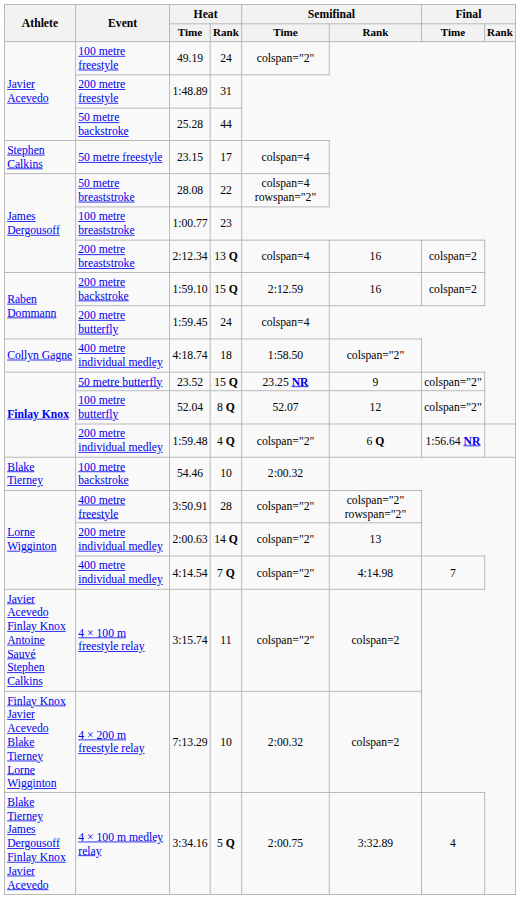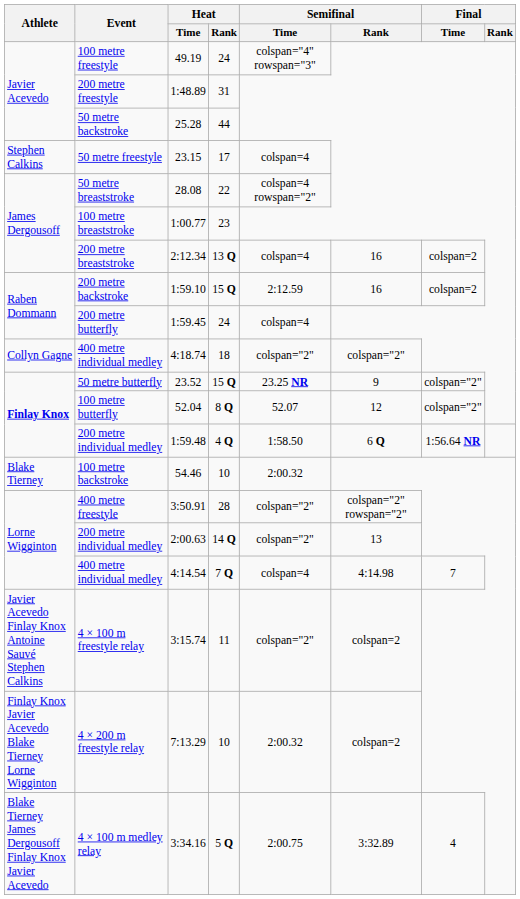 <table class="wikitable" style="text-align:center; font-size:90%; width:50%;">
 <tr>
 <th rowspan="2">Athlete</th>
 <th rowspan="2">Event</th>
 <th colspan="2">Heat</th>
 <th colspan="2">Semifinal</th>
 <th colspan="2">Final</th>
 </tr>
 <tr style="font-size:95%">
 <th>Time</th>
 <th>Rank</th>
 <th>Time</th>
 <th>Rank</th>
 <th>Time</th>
 <th>Rank</th>
 </tr>
 <tr align=center>
 <td align=left rowspan="3"><a href='#'>Javier Acevedo</a></td>
 <td align=left><a href='#'>100 metre freestyle</a></td>
 <td>49.19</td>
 <td>24</td>
-<td>colspan="2" </td>
+<td>colspan="4" rowspan="3"</td>
 </tr>
 <tr align=center>
 <td align=left><a href='#'>200 metre freestyle</a></td>
 <td>1:48.89</td>
 <td>31</td>
 </tr>
 <tr align=center>
 <td align=left><a href='#'>50 metre backstroke</a></td>
 <td>25.28</td>
 <td>44</td>
 </tr>
 <tr align=center>
 <td align=left><a href='#'>Stephen Calkins</a></td>
 <td align=left><a href='#'>50 metre freestyle</a></td>
 <td>23.15</td>
 <td>17</td>
 <td>colspan=4 </td>
 </tr>
 <tr>
 <td align=left rowspan="3"><a href='#'>James Dergousoff</a></td>
 <td align=left><a href='#'>50 metre breaststroke</a></td>
 <td>28.08</td>
 <td>22</td>
 <td>colspan=4 rowspan="2" </td>
 </tr>
 <tr>
 <td align=left><a href='#'>100 metre breaststroke</a></td>
 <td>1:00.77</td>
 <td>23</td>
 </tr>
 <tr>
 <td align=left><a href='#'>200 metre breaststroke</a></td>
 <td>2:12.34</td>
 <td>13 <strong>Q</strong></td>
 <td>colspan=4 </td>
 <td>16</td>
 <td>colspan=2 </td>
 </tr>
 <tr>
 <td align=left rowspan=2><a href='#'>Raben Dommann</a></td>
 <td align=left><a href='#'>200 metre backstroke</a></td>
 <td>1:59.10</td>
 <td>15 <strong>Q</strong></td>
 <td>2:12.59</td>
 <td>16</td>
 <td>colspan=2 </td>
 </tr>
 <tr>
 <td align=left><a href='#'>200 metre butterfly</a></td>
 <td>1:59.45</td>
 <td>24</td>
 <td>colspan=4 </td>
 </tr>
 <tr align=center>
 <td align=left><a href='#'>Collyn Gagne</a></td>
 <td align=left><a href='#'>400 metre individual medley</a></td>
 <td>4:18.74</td>
 <td>18</td>
-<td>1:58.50</td>
+<td>colspan="2" </td>
 <td>colspan="2" </td>
 </tr>
 <tr align=center>
 <td align=left rowspan=3><strong><a href='#'>Finlay Knox</a></strong></td>
 <td align=left><a href='#'>50 metre butterfly</a></td>
 <td>23.52</td>
 <td>15 <strong>Q</strong></td>
 <td>23.25 <strong><a href='#'>NR</a></strong></td>
 <td>9</td>
 <td>colspan="2" </td>
 </tr>
 <tr align=center>
 <td align=left><a href='#'>100 metre butterfly</a></td>
 <td>52.04</td>
 <td>8 <strong>Q</strong></td>
 <td>52.07</td>
 <td>12</td>
 <td>colspan="2" </td>
 </tr>
 <tr align=center>
 <td align=left><a href='#'>200 metre individual medley</a></td>
 <td>1:59.48</td>
 <td>4 <strong>Q</strong></td>
-<td>colspan="2" </td>
+<td>1:58.50</td>
 <td>6 <strong>Q</strong></td>
 <td>1:56.64 <strong><a href='#'>NR</a></strong></td>
 <td></td>
 </tr>
 <tr align=center>
 <td align=left><a href='#'>Blake Tierney</a></td>
 <td align=left><a href='#'>100 metre backstroke</a></td>
 <td>54.46</td>
 <td>10</td>
 <td>2:00.32</td>
 </tr>
 <tr align=center>
 <td align=left rowspan="3"><a href='#'>Lorne Wigginton</a></td>
 <td align=left><a href='#'>400 metre freestyle</a></td>
 <td>3:50.91</td>
 <td>28</td>
 <td>colspan="2" </td>
 <td>colspan="2" rowspan="2"</td>
 </tr>
 <tr align=center>
 <td align=left><a href='#'>200 metre individual medley</a></td>
 <td>2:00.63</td>
 <td>14 <strong>Q</strong></td>
 <td>colspan="2" </td>
 <td>13</td>
 </tr>
 <tr align=center>
 <td align=left><a href='#'>400 metre individual medley</a></td>
 <td>4:14.54</td>
 <td>7 <strong>Q</strong></td>
-<td>colspan="2" </td>
+<td>colspan=4 </td>
 <td>4:14.98</td>
 <td>7</td>
 </tr>
 <tr>
 <td align=left><a href='#'>Javier Acevedo</a> <br><a href='#'>Finlay Knox</a> <br><a href='#'>Antoine Sauvé</a> <br><a href='#'>Stephen Calkins</a></td>
 <td align=left><a href='#'>4 × 100 m freestyle relay</a></td>
 <td>3:15.74</td>
 <td>11</td>
 <td>colspan="2" </td>
 <td>colspan=2 </td>
 </tr>
 <tr>
 <td align=left><a href='#'>Finlay Knox</a> <br><a href='#'>Javier Acevedo</a> <br><a href='#'>Blake Tierney</a> <br><a href='#'>Lorne Wigginton</a></td>
 <td align=left><a href='#'>4 × 200 m freestyle relay</a></td>
 <td>7:13.29</td>
 <td>10</td>
 <td>2:00.32</td>
 <td>colspan=2 </td>
 </tr>
 <tr>
 <td align=left><a href='#'>Blake Tierney</a> <br><a href='#'>James Dergousoff</a> <br><a href='#'>Finlay Knox</a> <br><a href='#'>Javier Acevedo</a></td>
 <td align=left><a href='#'>4 × 100 m medley relay</a></td>
 <td>3:34.16</td>
 <td>5 <strong>Q</strong></td>
 <td>2:00.75</td>
 <td>3:32.89</td>
 <td>4</td>
 </tr>
 </table>
